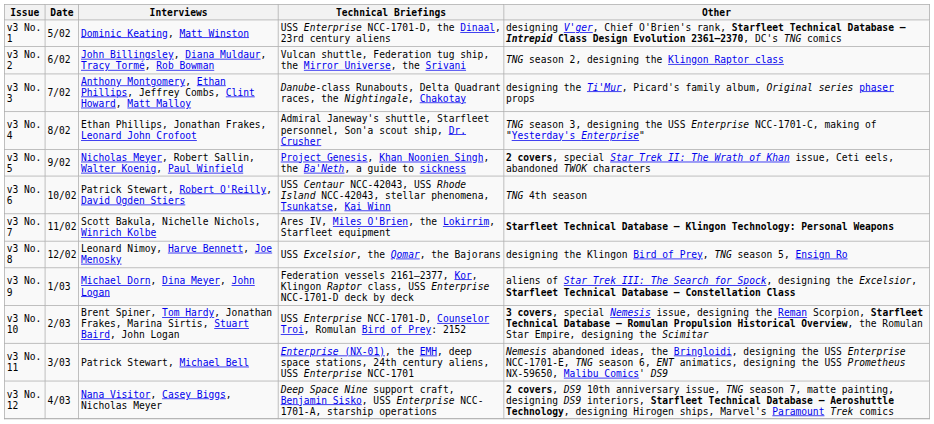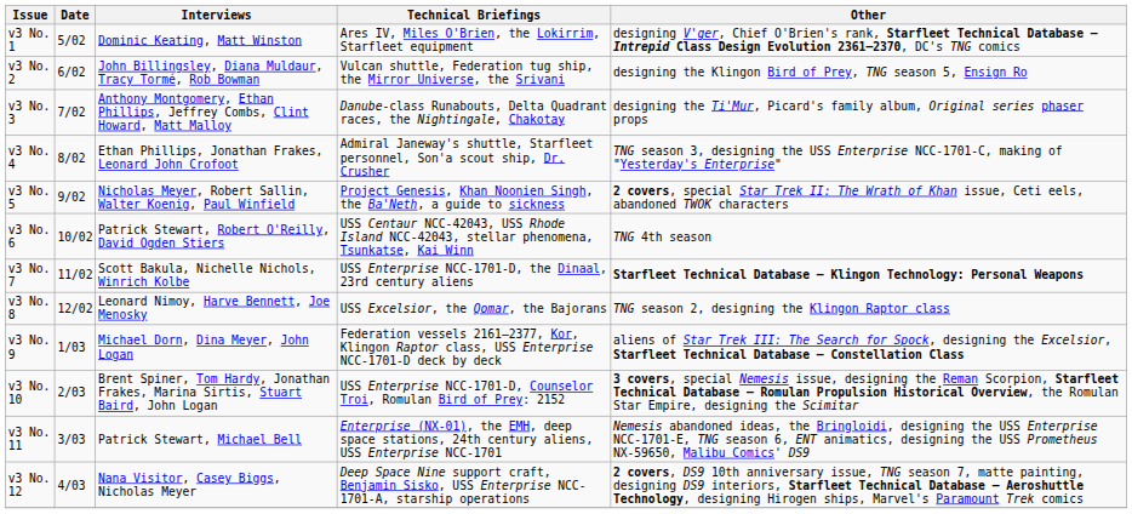 <table class="wikitable">
 <tr>
 <th>Issue</th>
 <th>Date</th>
 <th>Interviews</th>
 <th>Technical Briefings</th>
 <th>Other</th>
 </tr>
 <tr>
 <td>v3 No. 1</td>
 <td>5/02</td>
 <td><a href='#'>Dominic Keating</a>, <a href='#'>Matt Winston</a></td>
-<td>USS <em>Enterprise</em> NCC-1701-D, the <a href='#'>Dinaal</a>, 23rd century aliens</td>
+<td>Ares IV, <a href='#'>Miles O'Brien</a>, the <a href='#'>Lokirrim</a>, Starfleet equipment</td>
 <td>designing <em><a href='#'>V'ger</a></em>, Chief O'Brien's rank, <strong>Starfleet Technical Database – <em>Intrepid</em> Class Design Evolution 2361–2370</strong>, DC's <em>TNG</em> comics</td>
 </tr>
 <tr>
 <td>v3 No. 2</td>
 <td>6/02</td>
 <td><a href='#'>John Billingsley</a>, <a href='#'>Diana Muldaur</a>, <a href='#'>Tracy Tormé</a>, <a href='#'>Rob Bowman</a></td>
 <td>Vulcan shuttle, Federation tug ship, the <a href='#'>Mirror Universe</a>, the <a href='#'>Srivani</a></td>
-<td><em>TNG</em> season 2, designing the <a href='#'>Klingon Raptor class</a></td>
+<td>designing the Klingon <a href='#'>Bird of Prey</a>, <em>TNG</em> season 5, <a href='#'>Ensign Ro</a></td>
 </tr>
 <tr>
 <td>v3 No. 3</td>
 <td>7/02</td>
 <td><a href='#'>Anthony Montgomery</a>, <a href='#'>Ethan Phillips</a>, Jeffrey Combs, <a href='#'>Clint Howard</a>, <a href='#'>Matt Malloy</a></td>
 <td><em>Danube</em>-class Runabouts, Delta Quadrant races, the <em>Nightingale</em>, <a href='#'>Chakotay</a></td>
 <td>designing the <em><a href='#'>Ti'Mur</a></em>, Picard's family album, <em>Original series</em> <a href='#'>phaser</a> props</td>
 </tr>
 <tr>
 <td>v3 No. 4</td>
 <td>8/02</td>
 <td>Ethan Phillips, Jonathan Frakes, <a href='#'>Leonard John Crofoot</a></td>
 <td>Admiral Janeway's shuttle, Starfleet personnel, Son'a scout ship, <a href='#'>Dr. Crusher</a></td>
 <td><em>TNG</em> season 3, designing the USS <em>Enterprise</em> NCC-1701-C, making of "<a href='#'>Yesterday's <em>Enterprise</em></a>"</td>
 </tr>
 <tr>
 <td>v3 No. 5</td>
 <td>9/02</td>
 <td><a href='#'>Nicholas Meyer</a>, Robert Sallin, <a href='#'>Walter Koenig</a>, <a href='#'>Paul Winfield</a></td>
 <td><a href='#'>Project Genesis</a>, <a href='#'>Khan Noonien Singh</a>, the <em><a href='#'>Ba'Neth</a></em>, a guide to <a href='#'>sickness</a></td>
 <td><strong>2 covers</strong>, special <em><a href='#'>Star Trek II: The Wrath of Khan</a></em> issue, Ceti eels, abandoned <em>TWOK</em> characters</td>
 </tr>
 <tr>
 <td>v3 No. 6</td>
 <td>10/02</td>
 <td>Patrick Stewart, <a href='#'>Robert O'Reilly</a>, <a href='#'>David Ogden Stiers</a></td>
 <td>USS <em>Centaur</em> NCC-42043, USS <em>Rhode Island</em> NCC-42043, stellar phenomena, <a href='#'>Tsunkatse</a>, <a href='#'>Kai Winn</a></td>
 <td><em>TNG</em> 4th season</td>
 </tr>
 <tr>
 <td>v3 No. 7</td>
 <td>11/02</td>
 <td>Scott Bakula, Nichelle Nichols, <a href='#'>Winrich Kolbe</a></td>
-<td>Ares IV, <a href='#'>Miles O'Brien</a>, the <a href='#'>Lokirrim</a>, Starfleet equipment</td>
+<td>USS <em>Enterprise</em> NCC-1701-D, the <a href='#'>Dinaal</a>, 23rd century aliens</td>
 <td><strong>Starfleet Technical Database – Klingon Technology: Personal Weapons</strong></td>
 </tr>
 <tr>
 <td>v3 No. 8</td>
 <td>12/02</td>
 <td>Leonard Nimoy, <a href='#'>Harve Bennett</a>, <a href='#'>Joe Menosky</a></td>
 <td>USS <em>Excelsior</em>, the <em><a href='#'>Qomar</a></em>, the Bajorans</td>
-<td>designing the Klingon <a href='#'>Bird of Prey</a>, <em>TNG</em> season 5, <a href='#'>Ensign Ro</a></td>
+<td><em>TNG</em> season 2, designing the <a href='#'>Klingon Raptor class</a></td>
 </tr>
 <tr>
 <td>v3 No. 9</td>
 <td>1/03</td>
 <td><a href='#'>Michael Dorn</a>, <a href='#'>Dina Meyer</a>, <a href='#'>John Logan</a></td>
 <td>Federation vessels 2161–2377, <a href='#'>Kor</a>, Klingon <em>Raptor</em> class, USS <em>Enterprise</em> NCC-1701-D deck by deck</td>
 <td>aliens of <em><a href='#'>Star Trek III: The Search for Spock</a></em>, designing the <em>Excelsior</em>, <strong>Starfleet Technical Database – Constellation Class</strong></td>
 </tr>
 <tr>
 <td>v3 No. 10</td>
 <td>2/03</td>
 <td>Brent Spiner, <a href='#'>Tom Hardy</a>, Jonathan Frakes, Marina Sirtis, <a href='#'>Stuart Baird</a>, John Logan</td>
 <td>USS <em>Enterprise</em> NCC-1701-D, <a href='#'>Counselor Troi</a>, Romulan <a href='#'>Bird of Prey</a>: 2152</td>
 <td><strong>3 covers</strong>, special <em><a href='#'>Nemesis</a></em> issue, designing the <a href='#'>Reman</a> Scorpion, <strong>Starfleet Technical Database – Romulan Propulsion Historical Overview</strong>, the Romulan Star Empire, designing the <em>Scimitar</em></td>
 </tr>
 <tr>
 <td>v3 No. 11</td>
 <td>3/03</td>
 <td>Patrick Stewart, <a href='#'>Michael Bell</a></td>
 <td><a href='#'><em>Enterprise</em> (NX-01)</a>, the <a href='#'>EMH</a>, deep space stations, 24th century aliens, USS <em>Enterprise</em> NCC-1701</td>
 <td><em>Nemesis </em>abandoned ideas, the <a href='#'>Bringloidi</a>, designing the USS <em>Enterprise</em> NCC-1701-E, <em>TNG</em> season 6, <em>ENT</em> animatics, designing the USS <em>Prometheus</em> NX-59650, <a href='#'>Malibu Comics</a>' <em>DS9</em></td>
 </tr>
 <tr>
 <td>v3 No. 12</td>
 <td>4/03</td>
 <td><a href='#'>Nana Visitor</a>, <a href='#'>Casey Biggs</a>, Nicholas Meyer</td>
 <td><em>Deep Space Nine</em> support craft, <a href='#'>Benjamin Sisko</a>, USS <em>Enterprise</em> NCC-1701-A, starship operations</td>
 <td><strong>2 covers</strong>, <em>DS9</em> 10th anniversary issue, <em>TNG</em> season 7, matte painting, designing <em>DS9</em> interiors, <strong>Starfleet Technical Database – Aeroshuttle Technology</strong>, designing Hirogen ships, Marvel's <a href='#'>Paramount</a> <em>Trek</em> comics</td>
 </tr>
 <tr>
 </tr>
 </table>
